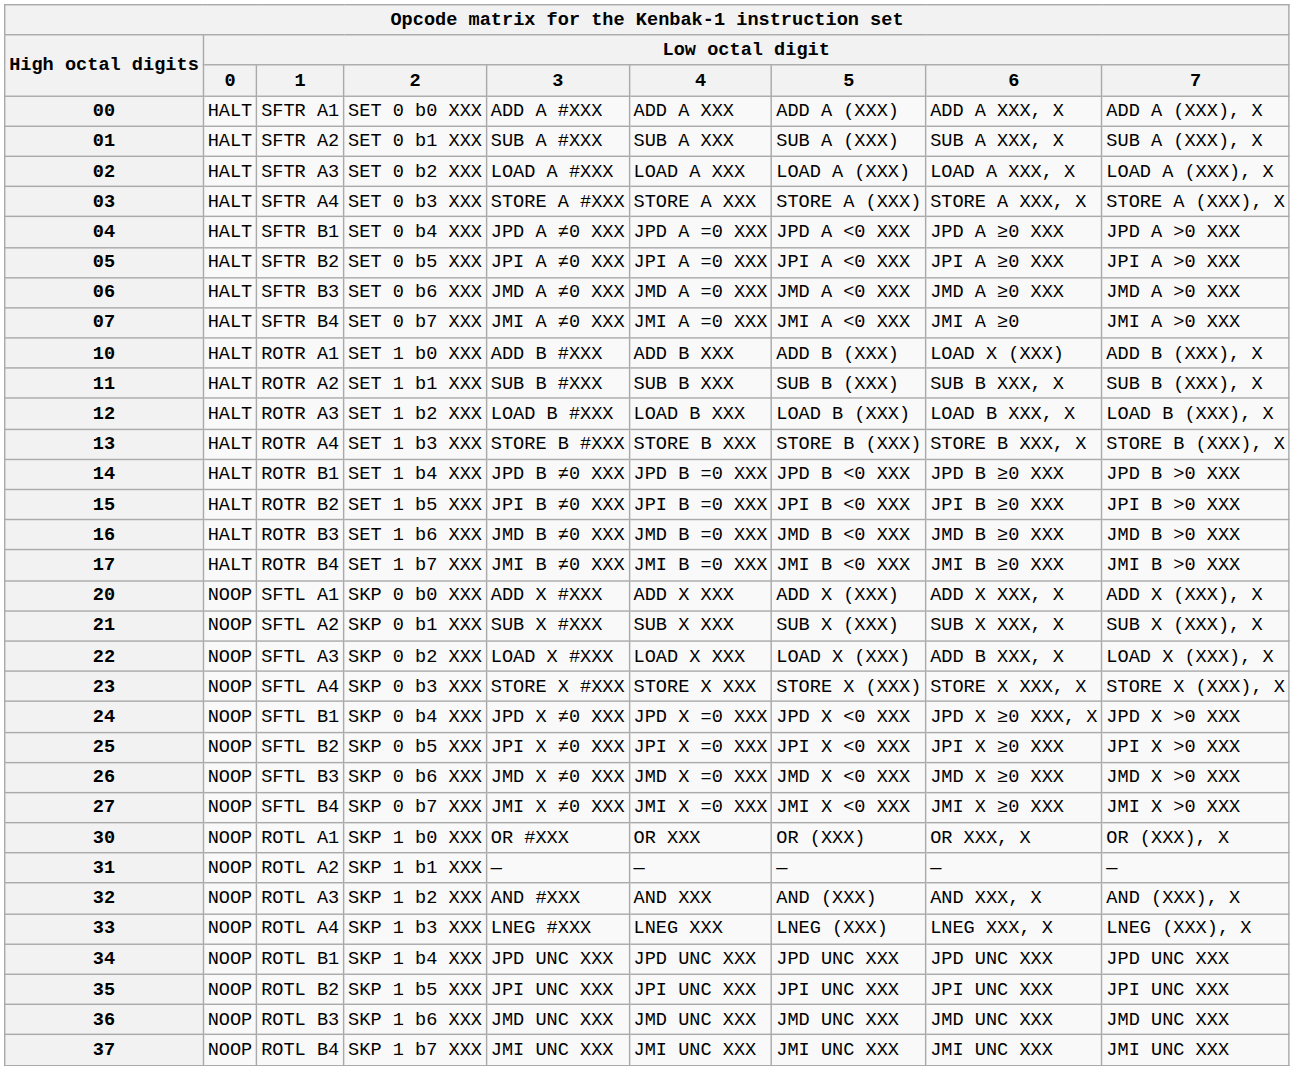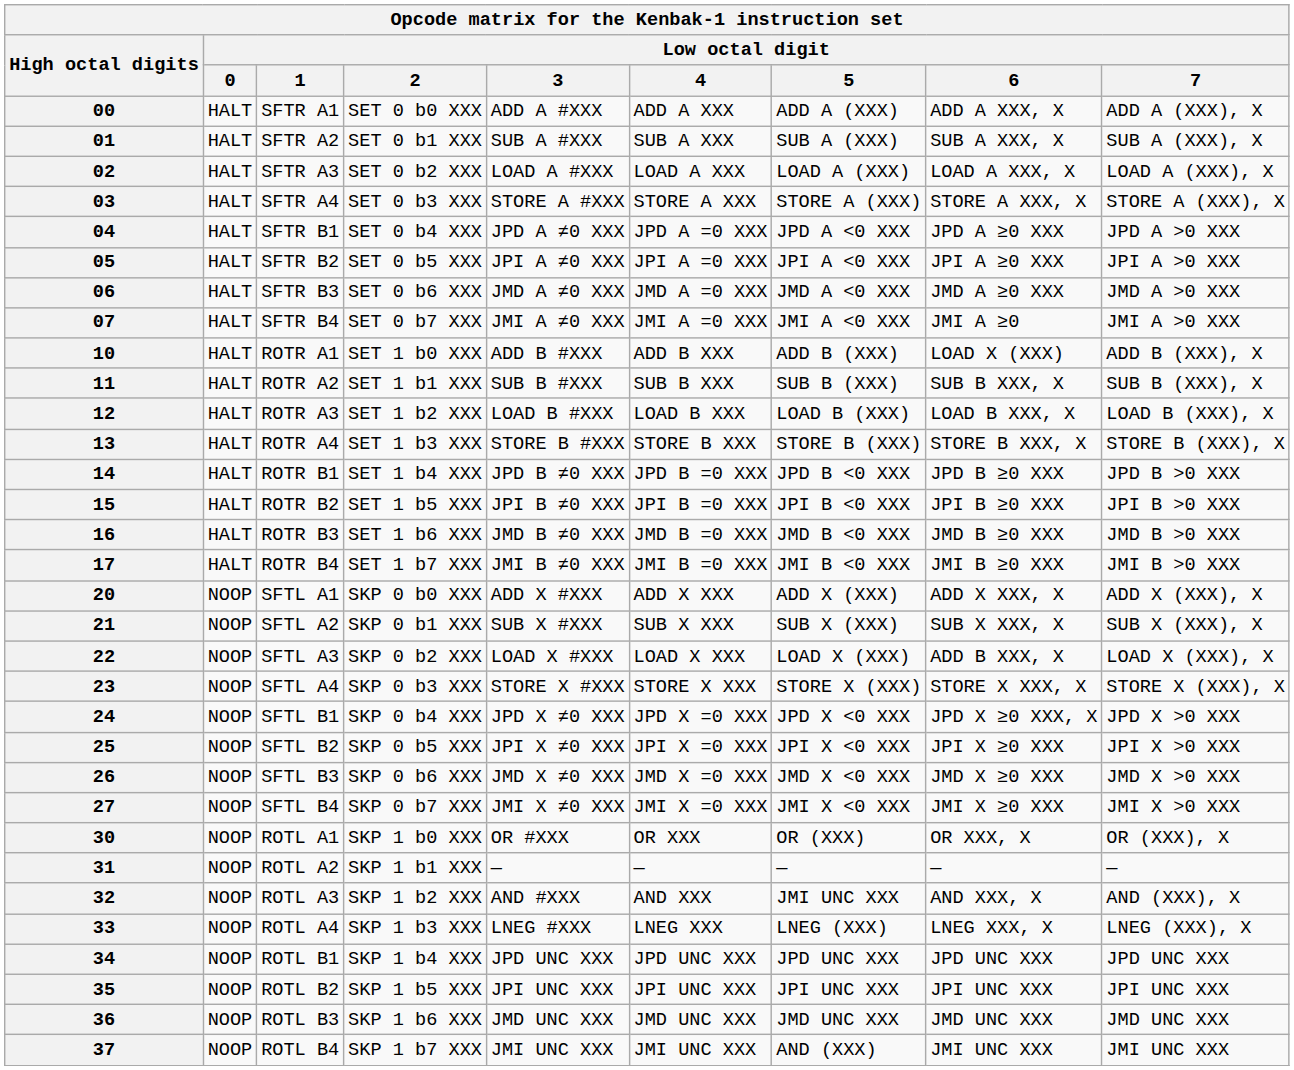 <table class="wikitable collapsible collapsed">
 <tr>
 <th colspan=9>Opcode matrix for the Kenbak-1 instruction set</th>
 </tr>
 <tr>
 <th rowspan=2>High octal digits</th>
 <th colspan=18>Low octal digit</th>
 </tr>
 <tr>
 <th>0</th>
 <th>1</th>
 <th>2</th>
 <th>3</th>
 <th>4</th>
 <th>5</th>
 <th>6</th>
 <th>7</th>
 </tr>
 <tr>
 <th>00</th>
 <td>HALT</td>
 <td>SFTR A1</td>
 <td>SET 0 b0 XXX</td>
 <td>ADD A #XXX</td>
 <td>ADD A XXX</td>
 <td>ADD A (XXX)</td>
 <td>ADD A XXX, X</td>
 <td>ADD A (XXX), X</td>
 </tr>
 <tr>
 <th>01</th>
 <td>HALT</td>
 <td>SFTR A2</td>
 <td>SET 0 b1 XXX</td>
 <td>SUB A #XXX</td>
 <td>SUB A XXX</td>
 <td>SUB A (XXX)</td>
 <td>SUB A XXX, X</td>
 <td>SUB A (XXX), X</td>
 </tr>
 <tr>
 <th>02</th>
 <td>HALT</td>
 <td>SFTR A3</td>
 <td>SET 0 b2 XXX</td>
 <td>LOAD A #XXX</td>
 <td>LOAD A XXX</td>
 <td>LOAD A (XXX)</td>
 <td>LOAD A XXX, X</td>
 <td>LOAD A (XXX), X</td>
 </tr>
 <tr>
 <th>03</th>
 <td>HALT</td>
 <td>SFTR A4</td>
 <td>SET 0 b3 XXX</td>
 <td>STORE A #XXX</td>
 <td>STORE A XXX</td>
 <td>STORE A (XXX)</td>
 <td>STORE A XXX, X</td>
 <td>STORE A (XXX), X</td>
 </tr>
 <tr>
 <th>04</th>
 <td>HALT</td>
 <td>SFTR B1</td>
 <td>SET 0 b4 XXX</td>
 <td>JPD A ≠0 XXX</td>
 <td>JPD A =0 XXX</td>
 <td>JPD A <0 XXX</td>
 <td>JPD A ≥0 XXX</td>
 <td>JPD A >0 XXX</td>
 </tr>
 <tr>
 <th>05</th>
 <td>HALT</td>
 <td>SFTR B2</td>
 <td>SET 0 b5 XXX</td>
 <td>JPI A ≠0 XXX</td>
 <td>JPI A =0 XXX</td>
 <td>JPI A <0 XXX</td>
 <td>JPI A ≥0 XXX</td>
 <td>JPI A >0 XXX</td>
 </tr>
 <tr>
 <th>06</th>
 <td>HALT</td>
 <td>SFTR B3</td>
 <td>SET 0 b6 XXX</td>
 <td>JMD A ≠0 XXX</td>
 <td>JMD A =0 XXX</td>
 <td>JMD A <0 XXX</td>
 <td>JMD A ≥0 XXX</td>
 <td>JMD A >0 XXX</td>
 </tr>
 <tr>
 <th>07</th>
 <td>HALT</td>
 <td>SFTR B4</td>
 <td>SET 0 b7 XXX</td>
 <td>JMI A ≠0 XXX</td>
 <td>JMI A =0 XXX</td>
 <td>JMI A <0 XXX</td>
 <td>JMI A ≥0</td>
 <td>JMI A >0 XXX</td>
 </tr>
 <tr>
 <th>10</th>
 <td>HALT</td>
 <td>ROTR A1</td>
 <td>SET 1 b0 XXX</td>
 <td>ADD B #XXX</td>
 <td>ADD B XXX</td>
 <td>ADD B (XXX)</td>
 <td>LOAD X (XXX)</td>
 <td>ADD B (XXX), X</td>
 </tr>
 <tr>
 <th>11</th>
 <td>HALT</td>
 <td>ROTR A2</td>
 <td>SET 1 b1 XXX</td>
 <td>SUB B #XXX</td>
 <td>SUB B XXX</td>
 <td>SUB B (XXX)</td>
 <td>SUB B XXX, X</td>
 <td>SUB B (XXX), X</td>
 </tr>
 <tr>
 <th>12</th>
 <td>HALT</td>
 <td>ROTR A3</td>
 <td>SET 1 b2 XXX</td>
 <td>LOAD B #XXX</td>
 <td>LOAD B XXX</td>
 <td>LOAD B (XXX)</td>
 <td>LOAD B XXX, X</td>
 <td>LOAD B (XXX), X</td>
 </tr>
 <tr>
 <th>13</th>
 <td>HALT</td>
 <td>ROTR A4</td>
 <td>SET 1 b3 XXX</td>
 <td>STORE B #XXX</td>
 <td>STORE B XXX</td>
 <td>STORE B (XXX)</td>
 <td>STORE B XXX, X</td>
 <td>STORE B (XXX), X</td>
 </tr>
 <tr>
 <th>14</th>
 <td>HALT</td>
 <td>ROTR B1</td>
 <td>SET 1 b4 XXX</td>
 <td>JPD B ≠0 XXX</td>
 <td>JPD B =0 XXX</td>
 <td>JPD B <0 XXX</td>
 <td>JPD B ≥0 XXX</td>
 <td>JPD B >0 XXX</td>
 </tr>
 <tr>
 <th>15</th>
 <td>HALT</td>
 <td>ROTR B2</td>
 <td>SET 1 b5 XXX</td>
 <td>JPI B ≠0 XXX</td>
 <td>JPI B =0 XXX</td>
 <td>JPI B <0 XXX</td>
 <td>JPI B ≥0 XXX</td>
 <td>JPI B >0 XXX</td>
 </tr>
 <tr>
 <th>16</th>
 <td>HALT</td>
 <td>ROTR B3</td>
 <td>SET 1 b6 XXX</td>
 <td>JMD B ≠0 XXX</td>
 <td>JMD B =0 XXX</td>
 <td>JMD B <0 XXX</td>
 <td>JMD B ≥0 XXX</td>
 <td>JMD B >0 XXX</td>
 </tr>
 <tr>
 <th>17</th>
 <td>HALT</td>
 <td>ROTR B4</td>
 <td>SET 1 b7 XXX</td>
 <td>JMI B ≠0 XXX</td>
 <td>JMI B =0 XXX</td>
 <td>JMI B <0 XXX</td>
 <td>JMI B ≥0 XXX</td>
 <td>JMI B >0 XXX</td>
 </tr>
 <tr>
 <th>20</th>
 <td>NOOP</td>
 <td>SFTL A1</td>
 <td>SKP 0 b0 XXX</td>
 <td>ADD X #XXX</td>
 <td>ADD X XXX</td>
 <td>ADD X (XXX)</td>
 <td>ADD X XXX, X</td>
 <td>ADD X (XXX), X</td>
 </tr>
 <tr>
 <th>21</th>
 <td>NOOP</td>
 <td>SFTL A2</td>
 <td>SKP 0 b1 XXX</td>
 <td>SUB X #XXX</td>
 <td>SUB X XXX</td>
 <td>SUB X (XXX)</td>
 <td>SUB X XXX, X</td>
 <td>SUB X (XXX), X</td>
 </tr>
 <tr>
 <th>22</th>
 <td>NOOP</td>
 <td>SFTL A3</td>
 <td>SKP 0 b2 XXX</td>
 <td>LOAD X #XXX</td>
 <td>LOAD X XXX</td>
 <td>LOAD X (XXX)</td>
 <td>ADD B XXX, X</td>
 <td>LOAD X (XXX), X</td>
 </tr>
 <tr>
 <th>23</th>
 <td>NOOP</td>
 <td>SFTL A4</td>
 <td>SKP 0 b3 XXX</td>
 <td>STORE X #XXX</td>
 <td>STORE X XXX</td>
 <td>STORE X (XXX)</td>
 <td>STORE X XXX, X</td>
 <td>STORE X (XXX), X</td>
 </tr>
 <tr>
 <th>24</th>
 <td>NOOP</td>
 <td>SFTL B1</td>
 <td>SKP 0 b4 XXX</td>
 <td>JPD X ≠0 XXX</td>
 <td>JPD X =0 XXX</td>
 <td>JPD X <0 XXX</td>
 <td>JPD X ≥0 XXX, X</td>
 <td>JPD X >0 XXX</td>
 </tr>
 <tr>
 <th>25</th>
 <td>NOOP</td>
 <td>SFTL B2</td>
 <td>SKP 0 b5 XXX</td>
 <td>JPI X ≠0 XXX</td>
 <td>JPI X =0 XXX</td>
 <td>JPI X <0 XXX</td>
 <td>JPI X ≥0 XXX</td>
 <td>JPI X >0 XXX</td>
 </tr>
 <tr>
 <th>26</th>
 <td>NOOP</td>
 <td>SFTL B3</td>
 <td>SKP 0 b6 XXX</td>
 <td>JMD X ≠0 XXX</td>
 <td>JMD X =0 XXX</td>
 <td>JMD X <0 XXX</td>
 <td>JMD X ≥0 XXX</td>
 <td>JMD X >0 XXX</td>
 </tr>
 <tr>
 <th>27</th>
 <td>NOOP</td>
 <td>SFTL B4</td>
 <td>SKP 0 b7 XXX</td>
 <td>JMI X ≠0 XXX</td>
 <td>JMI X =0 XXX</td>
 <td>JMI X <0 XXX</td>
 <td>JMI X ≥0 XXX</td>
 <td>JMI X >0 XXX</td>
 </tr>
 <tr>
 <th>30</th>
 <td>NOOP</td>
 <td>ROTL A1</td>
 <td>SKP 1 b0 XXX</td>
 <td>OR #XXX</td>
 <td>OR XXX</td>
 <td>OR (XXX)</td>
 <td>OR  XXX, X</td>
 <td>OR (XXX), X</td>
 </tr>
 <tr>
 <th>31</th>
 <td>NOOP</td>
 <td>ROTL A2</td>
 <td>SKP 1 b1 XXX</td>
 <td>—</td>
 <td>—</td>
 <td>—</td>
 <td>—</td>
 <td>—</td>
 </tr>
 <tr>
 <th>32</th>
 <td>NOOP</td>
 <td>ROTL A3</td>
 <td>SKP 1 b2 XXX</td>
 <td>AND #XXX</td>
 <td>AND XXX</td>
-<td>AND (XXX)</td>
+<td>JMI UNC XXX</td>
 <td>AND XXX, X</td>
 <td>AND (XXX), X</td>
 </tr>
 <tr>
 <th>33</th>
 <td>NOOP</td>
 <td>ROTL A4</td>
 <td>SKP 1 b3 XXX</td>
 <td>LNEG #XXX</td>
 <td>LNEG XXX</td>
 <td>LNEG (XXX)</td>
 <td>LNEG XXX, X</td>
 <td>LNEG (XXX), X</td>
 </tr>
 <tr>
 <th>34</th>
 <td>NOOP</td>
 <td>ROTL B1</td>
 <td>SKP 1 b4 XXX</td>
 <td>JPD UNC XXX</td>
 <td>JPD UNC XXX</td>
 <td>JPD UNC XXX</td>
 <td>JPD UNC XXX</td>
 <td>JPD UNC XXX</td>
 </tr>
 <tr>
 <th>35</th>
 <td>NOOP</td>
 <td>ROTL B2</td>
 <td>SKP 1 b5 XXX</td>
 <td>JPI UNC XXX</td>
 <td>JPI UNC XXX</td>
 <td>JPI UNC XXX</td>
 <td>JPI UNC XXX</td>
 <td>JPI UNC XXX</td>
 </tr>
 <tr>
 <th>36</th>
 <td>NOOP</td>
 <td>ROTL B3</td>
 <td>SKP 1 b6 XXX</td>
 <td>JMD UNC XXX</td>
 <td>JMD UNC XXX</td>
 <td>JMD UNC XXX</td>
 <td>JMD UNC XXX</td>
 <td>JMD UNC XXX</td>
 </tr>
 <tr>
 <th>37</th>
 <td>NOOP</td>
 <td>ROTL B4</td>
 <td>SKP 1 b7 XXX</td>
 <td>JMI UNC XXX</td>
 <td>JMI UNC XXX</td>
-<td>JMI UNC XXX</td>
+<td>AND (XXX)</td>
 <td>JMI UNC XXX</td>
 <td>JMI UNC XXX</td>
 </tr>
 <tr>
 </tr>
 </table>
